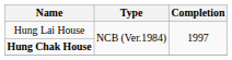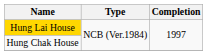 <table class="wikitable" style="text-align: center">
 <tr>
 <th>Name</th>
 <th>Type</th>
 <th>Completion</th>
 </tr>
 <tr>
-<td>Hung Lai House</td>
+<td style="background: gold;">Hung Lai House</td>
 <td rowspan="2">NCB (Ver.1984)</td>
 <td rowspan="2">1997</td>
 </tr>
 <tr>
-<td><strong>Hung Chak House</strong></td>
+<td>Hung Chak House</td>
 </tr>
 <tr>
 </tr>
 </table>
